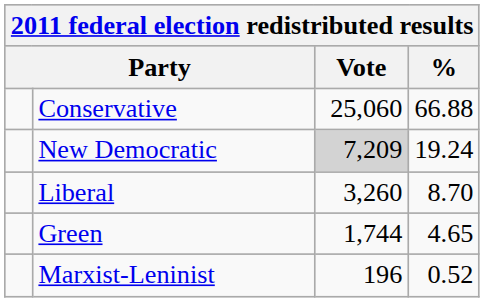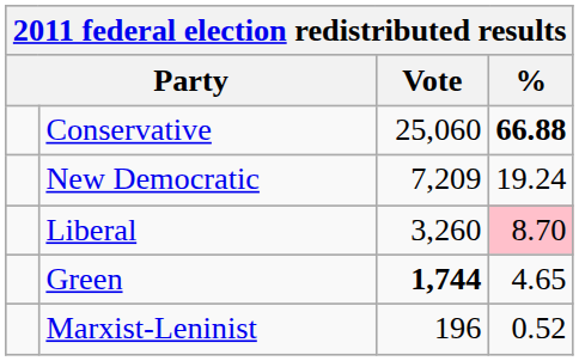 <table class="wikitable">
 <tr>
 <th colspan="4"><a href='#'>2011 federal election</a> redistributed results</th>
 </tr>
 <tr>
 <th bgcolor="#DDDDFF" width="130px" colspan="2">Party</th>
 <th bgcolor="#DDDDFF" width="50px">Vote</th>
 <th bgcolor="#DDDDFF" width="30px">%</th>
 </tr>
 <tr>
 <td> </td>
 <td><a href='#'>Conservative</a></td>
 <td align="right">25,060</td>
-<td align="right">66.88</td>
+<td align="right"><strong>66.88</strong></td>
 </tr>
 <tr>
 <td> </td>
 <td><a href='#'>New Democratic</a></td>
-<td align="right" style="background: lightgrey;">7,209</td>
+<td align="right">7,209</td>
 <td align="right">19.24</td>
 </tr>
 <tr>
 <td> </td>
 <td><a href='#'>Liberal</a></td>
 <td align="right">3,260</td>
-<td align="right">8.70</td>
+<td align="right" style="background: pink;">8.70</td>
 </tr>
 <tr>
 <td> </td>
 <td><a href='#'>Green</a></td>
-<td align="right">1,744</td>
+<td align="right"><strong>1,744</strong></td>
 <td align="right">4.65</td>
 </tr>
 <tr>
 <td> </td>
 <td><a href='#'>Marxist-Leninist</a></td>
 <td align="right">196</td>
 <td align="right">0.52</td>
 </tr>
 </table>
